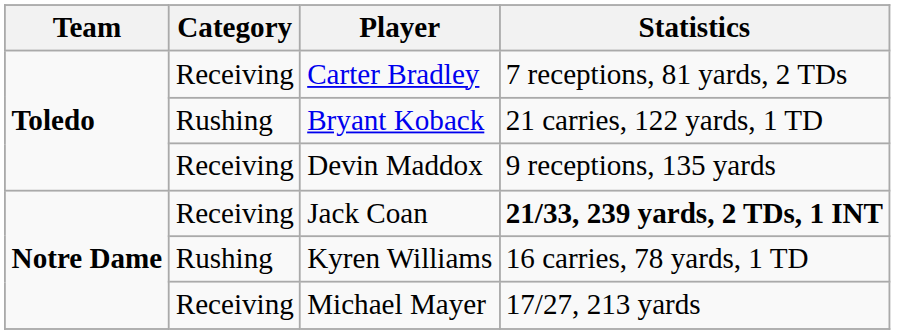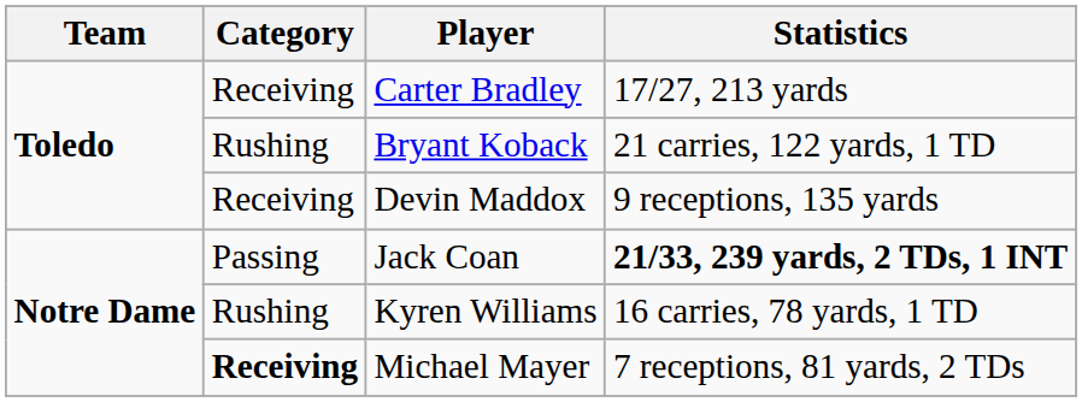 <table class="wikitable" style="float: left;">
 <tr>
 <th>Team</th>
 <th>Category</th>
 <th>Player</th>
 <th>Statistics</th>
 </tr>
 <tr>
 <td rowspan=3><strong>Toledo</strong></td>
 <td>Receiving</td>
 <td><a href='#'>Carter Bradley</a></td>
-<td>7 receptions, 81 yards, 2 TDs</td>
+<td>17/27, 213 yards</td>
 </tr>
 <tr>
 <td>Rushing</td>
 <td><a href='#'>Bryant Koback</a></td>
 <td>21 carries, 122 yards, 1 TD</td>
 </tr>
 <tr>
 <td>Receiving</td>
 <td>Devin Maddox</td>
 <td>9 receptions, 135 yards</td>
 </tr>
 <tr>
 <td rowspan=3><strong>Notre Dame</strong></td>
-<td>Receiving</td>
+<td>Passing</td>
 <td>Jack Coan</td>
 <td><strong>21/33, 239 yards, 2 TDs, 1 INT</strong></td>
 </tr>
 <tr>
 <td>Rushing</td>
 <td>Kyren Williams</td>
 <td>16 carries, 78 yards, 1 TD</td>
 </tr>
 <tr>
-<td>Receiving</td>
+<td><strong>Receiving</strong></td>
 <td>Michael Mayer</td>
-<td>17/27, 213 yards</td>
+<td>7 receptions, 81 yards, 2 TDs</td>
 </tr>
 </table>
